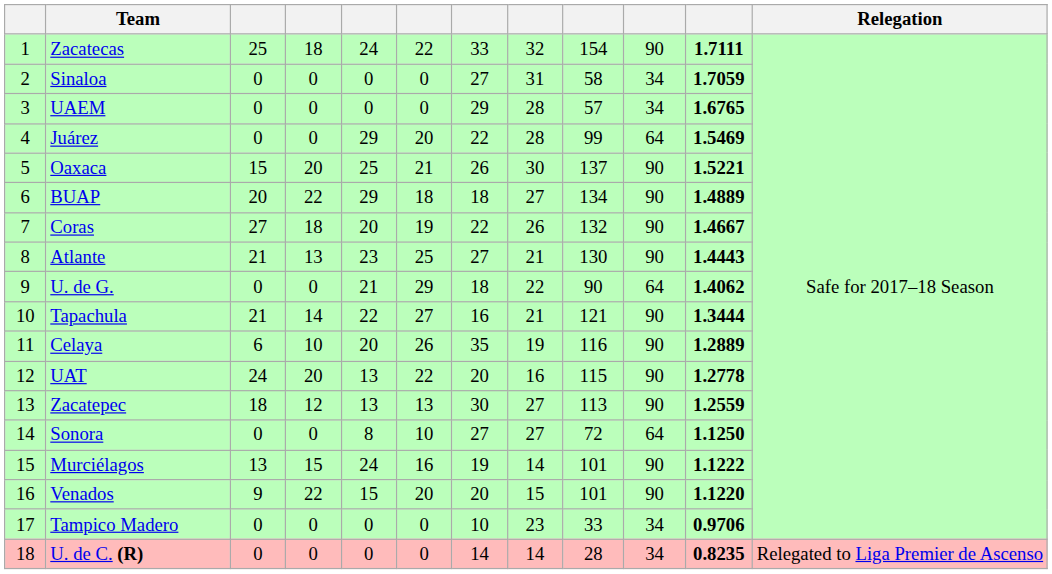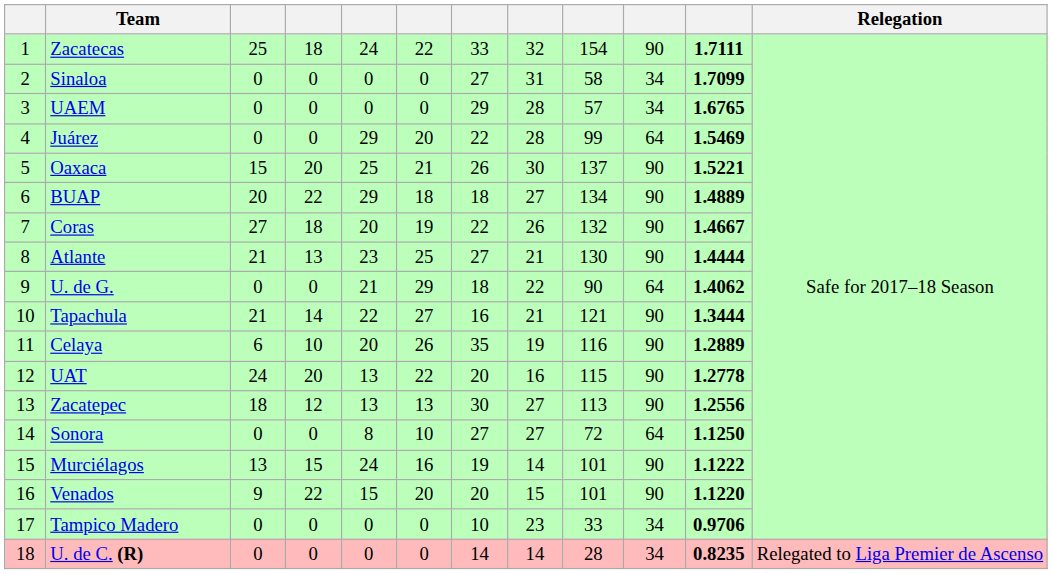 <table class="wikitable sortable" style="text-align: center;">
 <tr>
 <th width=28><br></th>
 <th width=150>Team</th>
 <th width=40></th>
 <th width=40></th>
 <th width=40></th>
 <th width=40></th>
 <th width=40></th>
 <th width=40></th>
 <th width=45></th>
 <th width=45></th>
 <th width=50><br></th>
 <th>Relegation</th>
 </tr>
 <tr style="text-align:center; background:#BBFFBB;">
 <td>1</td>
 <td align=left><a href='#'>Zacatecas</a></td>
 <td>25</td>
 <td>18</td>
 <td>24</td>
 <td>22</td>
 <td>33</td>
 <td>32</td>
 <td>154</td>
 <td>90</td>
 <td><strong>1.7111</strong></td>
 <td align=center rowspan=17>Safe for 2017–18 Season</td>
 </tr>
 <tr style="text-align:center; background:#BBFFBB;">
 <td>2</td>
 <td align=left><a href='#'>Sinaloa</a></td>
 <td>0</td>
 <td>0</td>
 <td>0</td>
 <td>0</td>
 <td>27</td>
 <td>31</td>
 <td>58</td>
 <td>34</td>
-<td><strong>1.7059</strong></td>
+<td><strong>1.7099</strong></td>
 </tr>
 <tr style="text-align:center; background:#BBFFBB;">
 <td>3</td>
 <td align=left><a href='#'>UAEM</a></td>
 <td>0</td>
 <td>0</td>
 <td>0</td>
 <td>0</td>
 <td>29</td>
 <td>28</td>
 <td>57</td>
 <td>34</td>
 <td><strong>1.6765</strong></td>
 </tr>
 <tr style="text-align:center; background:#BBFFBB;">
 <td>4</td>
 <td align=left><a href='#'>Juárez</a></td>
 <td>0</td>
 <td>0</td>
 <td>29</td>
 <td>20</td>
 <td>22</td>
 <td>28</td>
 <td>99</td>
 <td>64</td>
 <td><strong>1.5469</strong></td>
 </tr>
 <tr style="text-align:center; background:#BBFFBB;">
 <td>5</td>
 <td align=left><a href='#'>Oaxaca</a></td>
 <td>15</td>
 <td>20</td>
 <td>25</td>
 <td>21</td>
 <td>26</td>
 <td>30</td>
 <td>137</td>
 <td>90</td>
 <td><strong>1.5221</strong></td>
 </tr>
 <tr style="text-align:center; background:#BBFFBB;">
 <td>6</td>
 <td align=left><a href='#'>BUAP</a></td>
 <td>20</td>
 <td>22</td>
 <td>29</td>
 <td>18</td>
 <td>18</td>
 <td>27</td>
 <td>134</td>
 <td>90</td>
 <td><strong>1.4889</strong></td>
 </tr>
 <tr style="text-align:center; background:#BBFFBB;">
 <td>7</td>
 <td align=left><a href='#'>Coras</a></td>
 <td>27</td>
 <td>18</td>
 <td>20</td>
 <td>19</td>
 <td>22</td>
 <td>26</td>
 <td>132</td>
 <td>90</td>
 <td><strong>1.4667</strong></td>
 </tr>
 <tr style="text-align:center; background:#BBFFBB;">
 <td>8</td>
 <td align=left><a href='#'>Atlante</a></td>
 <td>21</td>
 <td>13</td>
 <td>23</td>
 <td>25</td>
 <td>27</td>
 <td>21</td>
 <td>130</td>
 <td>90</td>
-<td><strong>1.4443</strong></td>
+<td><strong>1.4444</strong></td>
 </tr>
 <tr style="text-align:center; background:#BBFFBB;">
 <td>9</td>
 <td align=left><a href='#'>U. de G.</a></td>
 <td>0</td>
 <td>0</td>
 <td>21</td>
 <td>29</td>
 <td>18</td>
 <td>22</td>
 <td>90</td>
 <td>64</td>
 <td><strong>1.4062</strong></td>
 </tr>
 <tr style="text-align:center; background:#BBFFBB;">
 <td>10</td>
 <td align=left><a href='#'>Tapachula</a></td>
 <td>21</td>
 <td>14</td>
 <td>22</td>
 <td>27</td>
 <td>16</td>
 <td>21</td>
 <td>121</td>
 <td>90</td>
 <td><strong>1.3444</strong></td>
 </tr>
 <tr style="text-align:center; background:#BBFFBB;">
 <td>11</td>
 <td align=left><a href='#'>Celaya</a></td>
 <td>6</td>
 <td>10</td>
 <td>20</td>
 <td>26</td>
 <td>35</td>
 <td>19</td>
 <td>116</td>
 <td>90</td>
 <td><strong>1.2889</strong></td>
 </tr>
 <tr style="text-align:center; background:#BBFFBB;">
 <td>12</td>
 <td align=left><a href='#'>UAT</a></td>
 <td>24</td>
 <td>20</td>
 <td>13</td>
 <td>22</td>
 <td>20</td>
 <td>16</td>
 <td>115</td>
 <td>90</td>
 <td><strong>1.2778</strong></td>
 </tr>
 <tr style="text-align:center; background:#BBFFBB;">
 <td>13</td>
 <td align=left><a href='#'>Zacatepec</a></td>
 <td>18</td>
 <td>12</td>
 <td>13</td>
 <td>13</td>
 <td>30</td>
 <td>27</td>
 <td>113</td>
 <td>90</td>
-<td><strong>1.2559</strong></td>
+<td><strong>1.2556</strong></td>
 </tr>
 <tr style="text-align:center; background:#BBFFBB;">
 <td>14</td>
 <td align=left><a href='#'>Sonora</a></td>
 <td>0</td>
 <td>0</td>
 <td>8</td>
 <td>10</td>
 <td>27</td>
 <td>27</td>
 <td>72</td>
 <td>64</td>
 <td><strong>1.1250</strong></td>
 </tr>
 <tr style="text-align:center; background:#BBFFBB;">
 <td>15</td>
 <td align=left><a href='#'>Murciélagos</a></td>
 <td>13</td>
 <td>15</td>
 <td>24</td>
 <td>16</td>
 <td>19</td>
 <td>14</td>
 <td>101</td>
 <td>90</td>
 <td><strong>1.1222</strong></td>
 </tr>
 <tr style="text-align:center; background:#BBFFBB;">
 <td>16</td>
 <td align=left><a href='#'>Venados</a></td>
 <td>9</td>
 <td>22</td>
 <td>15</td>
 <td>20</td>
 <td>20</td>
 <td>15</td>
 <td>101</td>
 <td>90</td>
 <td><strong>1.1220</strong></td>
 </tr>
 <tr style="text-align:center; background:#BBFFBB;">
 <td>17</td>
 <td align=left><a href='#'>Tampico Madero</a></td>
 <td>0</td>
 <td>0</td>
 <td>0</td>
 <td>0</td>
 <td>10</td>
 <td>23</td>
 <td>33</td>
 <td>34</td>
 <td><strong>0.9706</strong></td>
 </tr>
 <tr style="text-align:center; background:#FFBBBB;">
 <td>18</td>
 <td align=left><a href='#'>U. de C.</a> <strong>(R)</strong></td>
 <td>0</td>
 <td>0</td>
 <td>0</td>
 <td>0</td>
 <td>14</td>
 <td>14</td>
 <td>28</td>
 <td>34</td>
 <td><strong>0.8235</strong></td>
 <td>Relegated to <a href='#'>Liga Premier de Ascenso</a></td>
 </tr>
 </table>
